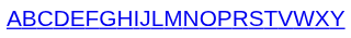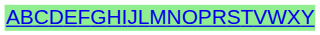 <table id="toc" class="toc" summary="Class">
 <tr>
 <th></th>
 </tr>
 <tr>
-<td style="text-align:center;"><a href='#'>A</a><a href='#'>B</a><a href='#'>C</a><a href='#'>D</a><a href='#'>E</a><a href='#'>F</a><a href='#'>G</a><a href='#'>H</a><a href='#'>I</a><a href='#'>J</a><a href='#'>L</a><a href='#'>M</a><a href='#'>N</a><a href='#'>O</a><a href='#'>P</a><a href='#'>R</a><a href='#'>S</a><a href='#'>T</a><a href='#'>V</a><a href='#'>W</a><a href='#'>X</a><a href='#'>Y</a></td>
+<td style="background: lightgreen; text-align:center;"><a href='#'>A</a><a href='#'>B</a><a href='#'>C</a><a href='#'>D</a><a href='#'>E</a><a href='#'>F</a><a href='#'>G</a><a href='#'>H</a><a href='#'>I</a><a href='#'>J</a><a href='#'>L</a><a href='#'>M</a><a href='#'>N</a><a href='#'>O</a><a href='#'>P</a><a href='#'>R</a><a href='#'>S</a><a href='#'>T</a><a href='#'>V</a><a href='#'>W</a><a href='#'>X</a><a href='#'>Y</a></td>
 </tr>
 </table>
